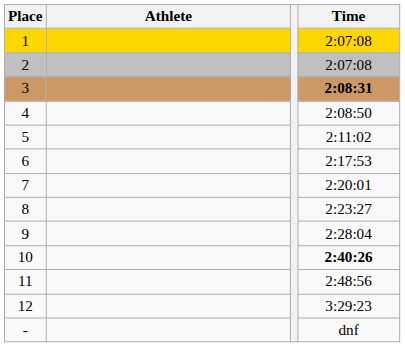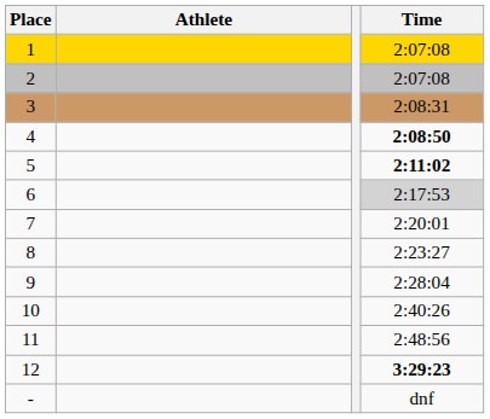 <table class="wikitable" style="text-align:center">
 <tr>
 <th>Place</th>
 <th width=250>Athlete</th>
 <th rowspan=27></th>
 <th width=100>Time</th>
 </tr>
 <tr bgcolor=gold>
 <td>1</td>
 <td align=left></td>
 <td>2:07:08</td>
 </tr>
 <tr bgcolor=silver>
 <td>2</td>
 <td align=left></td>
 <td>2:07:08</td>
 </tr>
 <tr bgcolor=cc9966>
 <td>3</td>
 <td align=left></td>
-<td><strong>2:08:31</strong></td>
+<td>2:08:31</td>
 </tr>
 <tr>
 <td>4</td>
 <td align=left></td>
-<td>2:08:50</td>
+<td><strong>2:08:50</strong></td>
 </tr>
 <tr>
 <td>5</td>
 <td align=left></td>
-<td>2:11:02</td>
+<td><strong>2:11:02</strong></td>
 </tr>
 <tr>
 <td>6</td>
 <td align=left></td>
-<td>2:17:53</td>
+<td style="background: lightgrey;">2:17:53</td>
 </tr>
 <tr>
 <td>7</td>
 <td align=left></td>
 <td>2:20:01</td>
 </tr>
 <tr>
 <td>8</td>
 <td align=left></td>
 <td>2:23:27</td>
 </tr>
 <tr>
 <td>9</td>
 <td align=left></td>
 <td>2:28:04</td>
 </tr>
 <tr>
 <td>10</td>
 <td align=left></td>
-<td><strong>2:40:26</strong></td>
+<td>2:40:26</td>
 </tr>
 <tr>
 <td>11</td>
 <td align=left></td>
 <td>2:48:56</td>
 </tr>
 <tr>
 <td>12</td>
 <td align=left></td>
-<td>3:29:23</td>
+<td><strong>3:29:23</strong></td>
 </tr>
 <tr>
 <td>-</td>
 <td align=left></td>
 <td>dnf</td>
 </tr>
 </table>
